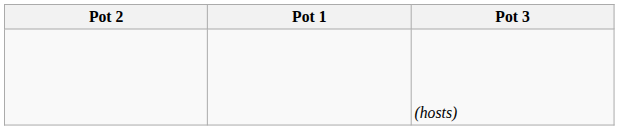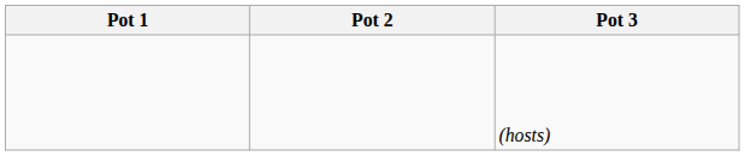 <table class="wikitable">
 <tr>
+<th width=200px>Pot 1</th>
 <th width=200px>Pot 2</th>
-<th width=200px>Pot 1</th>
 <th width=200px>Pot 3</th>
 </tr>
 <tr>
 <td><br> <br>  <br>  <br> </td>
 <td><br> <br>  <br>  <br> </td>
 <td><br> <br>  <br>  <br>  <em>(hosts)</em> <br> </td>
 </tr>
 </table>
